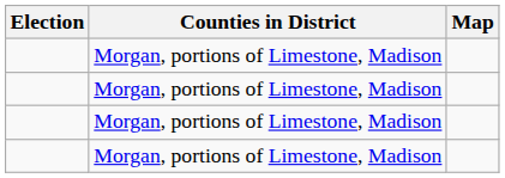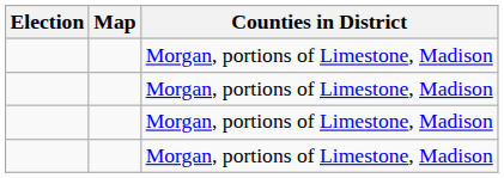 <table class="wikitable">
 <tr>
 <th>Election</th>
+<th>Map</th>
 <th>Counties in District</th>
-<th>Map</th>
 </tr>
 <tr>
 <td></td>
+<td></td>
 <td><a href='#'>Morgan</a>, portions of <a href='#'>Limestone</a>, <a href='#'>Madison</a></td>
-<td></td>
 </tr>
 <tr>
 <td></td>
+<td></td>
 <td><a href='#'>Morgan</a>, portions of <a href='#'>Limestone</a>, <a href='#'>Madison</a></td>
-<td></td>
 </tr>
 <tr>
 <td></td>
+<td></td>
 <td><a href='#'>Morgan</a>, portions of <a href='#'>Limestone</a>, <a href='#'>Madison</a></td>
-<td></td>
 </tr>
 <tr>
 <td></td>
+<td></td>
 <td><a href='#'>Morgan</a>, portions of <a href='#'>Limestone</a>, <a href='#'>Madison</a></td>
-<td></td>
 </tr>
 </table>
